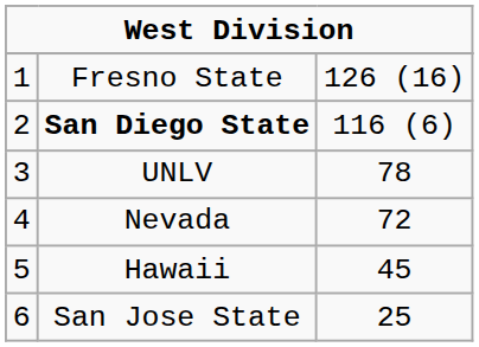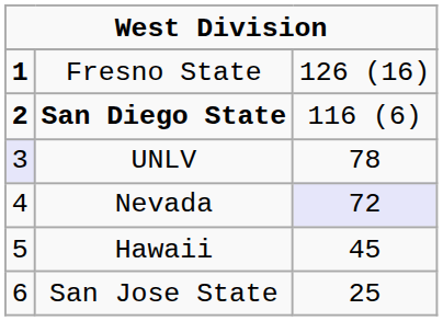 <table class="wikitable">
 <tr align="center">
 <td align="center" Colspan="3"><strong>West Division</strong></td>
 </tr>
 <tr align="center">
 </tr>
 <tr align="center">
-<td>1</td>
+<td><strong>1</strong></td>
 <td>Fresno State</td>
 <td>126 (16)</td>
 </tr>
 <tr align="center">
-<td>2</td>
+<td><strong>2</strong></td>
 <td><strong>San Diego State</strong></td>
 <td>116 (6)</td>
 </tr>
 <tr align="center">
-<td>3</td>
+<td style="background: lavender;">3</td>
 <td>UNLV</td>
 <td>78</td>
 </tr>
 <tr align="center">
 <td>4</td>
 <td>Nevada</td>
-<td>72</td>
+<td style="background: lavender;">72</td>
 </tr>
 <tr align="center">
 <td>5</td>
 <td>Hawaii</td>
 <td>45</td>
 </tr>
 <tr align="center">
 <td>6</td>
 <td>San Jose State</td>
 <td>25</td>
 </tr>
 </table>
